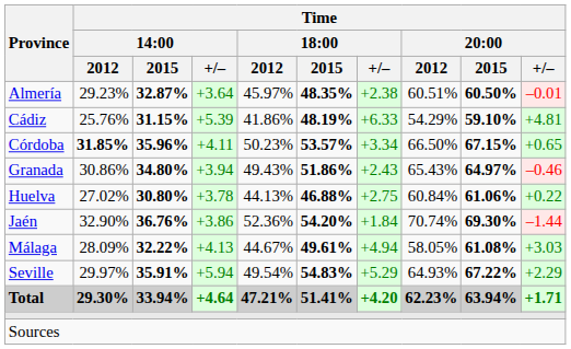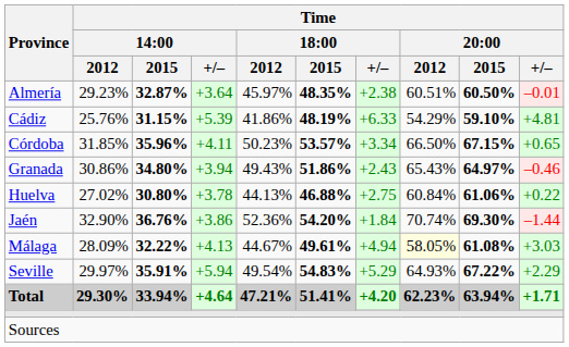 <table class="wikitable sortable" style="text-align:right;">
 <tr>
 <th rowspan="3">Province</th>
 <th colspan="10">Time</th>
 </tr>
 <tr>
 <th colspan="3">14:00</th>
 <th colspan="3">18:00</th>
 <th colspan="3">20:00</th>
 </tr>
 <tr>
 <th>2012</th>
 <th>2015</th>
 <th>+/–</th>
 <th>2012</th>
 <th>2015</th>
 <th>+/–</th>
 <th>2012</th>
 <th>2015</th>
 <th>+/–</th>
 </tr>
 <tr>
 <td align="left"><a href='#'>Almería</a></td>
 <td>29.23%</td>
 <td><strong>32.87%</strong></td>
 <td style="background:#DDFFDD; color:green;">+3.64</td>
 <td>45.97%</td>
 <td><strong>48.35%</strong></td>
 <td style="background:#DDFFDD; color:green;">+2.38</td>
 <td>60.51%</td>
 <td><strong>60.50%</strong></td>
 <td style="background:#FFE8E8; color:red;">–0.01</td>
 </tr>
 <tr>
 <td align="left"><a href='#'>Cádiz</a></td>
 <td>25.76%</td>
 <td><strong>31.15%</strong></td>
 <td style="background:#DDFFDD; color:green;">+5.39</td>
 <td>41.86%</td>
 <td><strong>48.19%</strong></td>
 <td style="background:#DDFFDD; color:green;">+6.33</td>
 <td>54.29%</td>
 <td><strong>59.10%</strong></td>
 <td style="background:#DDFFDD; color:green;">+4.81</td>
 </tr>
 <tr>
 <td align="left"><a href='#'>Córdoba</a></td>
-<td><strong>31.85%</strong></td>
+<td>31.85%</td>
 <td><strong>35.96%</strong></td>
 <td style="background:#DDFFDD; color:green;">+4.11</td>
 <td>50.23%</td>
 <td><strong>53.57%</strong></td>
 <td style="background:#DDFFDD; color:green;">+3.34</td>
 <td>66.50%</td>
 <td><strong>67.15%</strong></td>
 <td style="background:#DDFFDD; color:green;">+0.65</td>
 </tr>
 <tr>
 <td align="left"><a href='#'>Granada</a></td>
 <td>30.86%</td>
 <td><strong>34.80%</strong></td>
 <td style="background:#DDFFDD; color:green;">+3.94</td>
 <td>49.43%</td>
 <td><strong>51.86%</strong></td>
 <td style="background:#DDFFDD; color:green;">+2.43</td>
 <td>65.43%</td>
 <td><strong>64.97%</strong></td>
 <td style="background:#FFE8E8; color:red;">–0.46</td>
 </tr>
 <tr>
 <td align="left"><a href='#'>Huelva</a></td>
 <td>27.02%</td>
 <td><strong>30.80%</strong></td>
 <td style="background:#DDFFDD; color:green;">+3.78</td>
 <td>44.13%</td>
 <td><strong>46.88%</strong></td>
 <td style="background:#DDFFDD; color:green;">+2.75</td>
 <td>60.84%</td>
 <td><strong>61.06%</strong></td>
 <td style="background:#DDFFDD; color:green;">+0.22</td>
 </tr>
 <tr>
 <td align="left"><a href='#'>Jaén</a></td>
 <td>32.90%</td>
 <td><strong>36.76%</strong></td>
 <td style="background:#DDFFDD; color:green;">+3.86</td>
 <td>52.36%</td>
 <td><strong>54.20%</strong></td>
 <td style="background:#DDFFDD; color:green;">+1.84</td>
 <td>70.74%</td>
 <td><strong>69.30%</strong></td>
 <td style="background:#FFE8E8; color:red;">–1.44</td>
 </tr>
 <tr>
 <td align="left"><a href='#'>Málaga</a></td>
 <td>28.09%</td>
 <td><strong>32.22%</strong></td>
 <td style="background:#DDFFDD; color:green;">+4.13</td>
 <td>44.67%</td>
 <td><strong>49.61%</strong></td>
 <td style="background:#DDFFDD; color:green;">+4.94</td>
-<td>58.05%</td>
+<td style="background: lightyellow;">58.05%</td>
 <td><strong>61.08%</strong></td>
 <td style="background:#DDFFDD; color:green;">+3.03</td>
 </tr>
 <tr>
 <td align="left"><a href='#'>Seville</a></td>
 <td>29.97%</td>
 <td><strong>35.91%</strong></td>
 <td style="background:#DDFFDD; color:green;">+5.94</td>
 <td>49.54%</td>
 <td><strong>54.83%</strong></td>
 <td style="background:#DDFFDD; color:green;">+5.29</td>
 <td>64.93%</td>
 <td><strong>67.22%</strong></td>
 <td style="background:#DDFFDD; color:green;">+2.29</td>
 </tr>
 <tr style="background:#CDCDCD;">
 <td align="left"><strong>Total</strong></td>
 <td><strong>29.30%</strong></td>
 <td><strong>33.94%</strong></td>
 <td style="background:#DDFFDD; color:green;"><strong>+4.64</strong></td>
 <td><strong>47.21%</strong></td>
 <td><strong>51.41%</strong></td>
 <td style="background:#DDFFDD; color:green;"><strong>+4.20</strong></td>
 <td><strong>62.23%</strong></td>
 <td><strong>63.94%</strong></td>
 <td style="background:#DDFFDD; color:green;"><strong>+1.71</strong></td>
 </tr>
 <tr>
 <td colspan="10" bgcolor="#E9E9E9"></td>
 </tr>
 <tr>
 <td align="left" colspan="10">Sources</td>
 </tr>
 </table>
